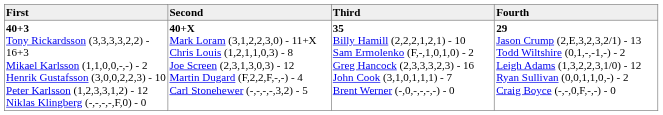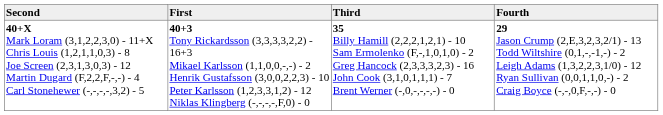 <table border=1 cellpadding=2 cellspacing=0 width=75% style="border-collapse:collapse">
 <tr align=left style="background:#efefef;">
+<th width=20%>Second</th>
 <th width=20%>First</th>
-<th width=20%>Second</th>
 <th width=20%>Third</th>
 <th width=20%>Fourth</th>
 </tr>
 <tr align=left>
+<td valign=top><strong> 40+X</strong><br><a href='#'>Mark Loram</a> (3,1,2,2,3,0) - 11+X<br><a href='#'>Chris Louis</a> (1,2,1,1,0,3) - 8<br><a href='#'>Joe Screen</a> (2,3,1,3,0,3) - 12<br><a href='#'>Martin Dugard</a> (F,2,2,F,-,-) - 4<br><a href='#'>Carl Stonehewer</a> (-,-,-,-,3,2) - 5</td>
 <td valign=top><strong> 40+3</strong><br><a href='#'>Tony Rickardsson</a> (3,3,3,3,2,2) - 16+3<br><a href='#'>Mikael Karlsson</a> (1,1,0,0,-,-) - 2<br><a href='#'>Henrik Gustafsson</a> (3,0,0,2,2,3) - 10<br><a href='#'>Peter Karlsson</a> (1,2,3,3,1,2) - 12<br><a href='#'>Niklas Klingberg</a> (-,-,-,-,F,0) - 0</td>
-<td valign=top><strong> 40+X</strong><br><a href='#'>Mark Loram</a> (3,1,2,2,3,0) - 11+X<br><a href='#'>Chris Louis</a> (1,2,1,1,0,3) - 8<br><a href='#'>Joe Screen</a> (2,3,1,3,0,3) - 12<br><a href='#'>Martin Dugard</a> (F,2,2,F,-,-) - 4<br><a href='#'>Carl Stonehewer</a> (-,-,-,-,3,2) - 5</td>
 <td valign=top><strong> 35</strong><br><a href='#'>Billy Hamill</a> (2,2,2,1,2,1) - 10<br><a href='#'>Sam Ermolenko</a> (F,-,1,0,1,0) - 2<br><a href='#'>Greg Hancock</a> (2,3,3,3,2,3) - 16<br><a href='#'>John Cook</a> (3,1,0,1,1,1) - 7<br><a href='#'>Brent Werner</a> (-,0,-,-,-,-) - 0</td>
 <td valign=top><strong> 29</strong><br><a href='#'>Jason Crump</a> (2,E,3,2,3,2/1) - 13<br><a href='#'>Todd Wiltshire</a> (0,1,-,-1,-) - 2<br><a href='#'>Leigh Adams</a> (1,3,2,2,3,1/0) - 12<br><a href='#'>Ryan Sullivan</a> (0,0,1,1,0,-) - 2<br><a href='#'>Craig Boyce</a> (-,-,0,F,-,-) - 0</td>
 </tr>
 </table>
